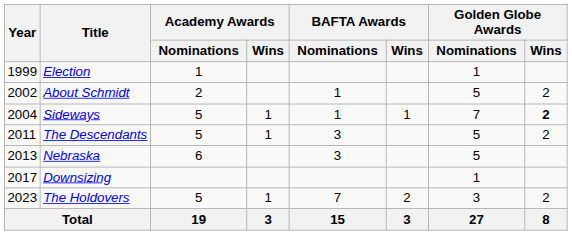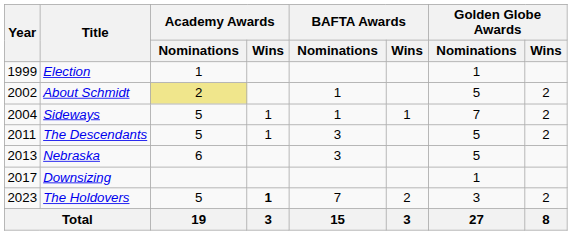 <table class="wikitable">
 <tr>
 <th rowspan="2">Year</th>
 <th rowspan="2">Title</th>
 <th colspan="2" style="text-align:center;" width=160>Academy Awards</th>
 <th colspan="2" style="text-align:center;" width=160>BAFTA Awards</th>
 <th colspan="2" style="text-align:center;" width=160>Golden Globe Awards</th>
 </tr>
 <tr>
 <th>Nominations</th>
 <th>Wins</th>
 <th>Nominations</th>
 <th>Wins</th>
 <th>Nominations</th>
 <th>Wins</th>
 </tr>
 <tr>
 <td>1999</td>
 <td><em><a href='#'>Election</a></em></td>
 <td align=center>1</td>
 <td></td>
 <td></td>
 <td></td>
 <td align=center>1</td>
 <td></td>
 </tr>
 <tr>
 <td>2002</td>
 <td><em><a href='#'>About Schmidt</a></em></td>
-<td align=center>2</td>
+<td align=center style="background: khaki;">2</td>
 <td></td>
 <td align=center>1</td>
 <td></td>
 <td align=center>5</td>
 <td align=center>2</td>
 </tr>
 <tr>
 <td>2004</td>
 <td><em><a href='#'>Sideways</a></em></td>
 <td align=center>5</td>
 <td align=center>1</td>
 <td align=center>1</td>
 <td align=center>1</td>
 <td align=center>7</td>
-<td align=center><strong>2</strong></td>
+<td align=center>2</td>
 </tr>
 <tr>
 <td>2011</td>
 <td><em><a href='#'>The Descendants</a></em></td>
 <td align=center>5</td>
 <td align=center>1</td>
 <td align=center>3</td>
 <td></td>
 <td align=center>5</td>
 <td align=center>2</td>
 </tr>
 <tr>
 <td>2013</td>
 <td><em><a href='#'>Nebraska</a></em></td>
 <td align=center>6</td>
 <td></td>
 <td align=center>3</td>
 <td></td>
 <td align=center>5</td>
 <td></td>
 </tr>
 <tr>
 <td>2017</td>
 <td><em><a href='#'>Downsizing</a></em></td>
 <td></td>
 <td></td>
 <td></td>
 <td></td>
 <td align=center>1</td>
 <td></td>
 </tr>
 <tr>
 <td>2023</td>
 <td><em><a href='#'>The Holdovers</a></em></td>
 <td align=center>5</td>
-<td align=center>1</td>
+<td align=center><strong>1</strong></td>
 <td align=center>7</td>
 <td align=center>2</td>
 <td align=center>3</td>
 <td align=center>2</td>
 </tr>
 <tr>
 <th colspan="2">Total</th>
 <th align=center>19</th>
 <th align=center>3</th>
 <th align=center>15</th>
 <th align=center>3</th>
 <th align=center>27</th>
 <th align=center>8</th>
 </tr>
 </table>
